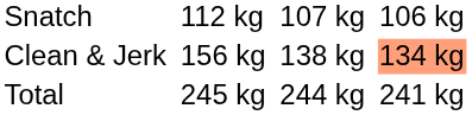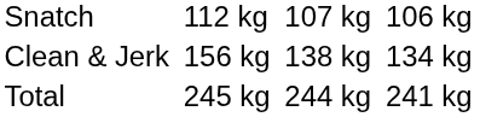 <table>
 <tr>
 <td>Snatch</td>
 <td></td>
 <td>112 kg</td>
 <td></td>
 <td>107 kg</td>
 <td></td>
 <td>106 kg</td>
 </tr>
 <tr>
 <td>Clean & Jerk</td>
 <td></td>
 <td>156 kg</td>
 <td></td>
 <td>138 kg</td>
 <td></td>
-<td style="background: lightsalmon;">134 kg</td>
+<td>134 kg</td>
 </tr>
 <tr>
 <td>Total</td>
 <td></td>
 <td>245 kg</td>
 <td></td>
 <td>244 kg</td>
 <td></td>
 <td>241 kg</td>
 </tr>
 </table>
